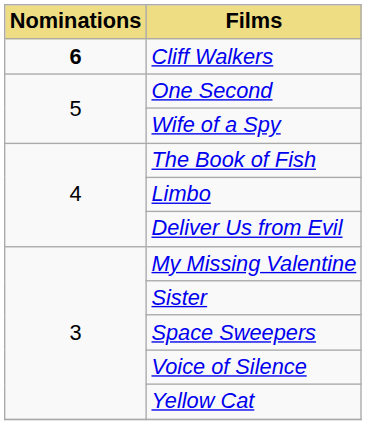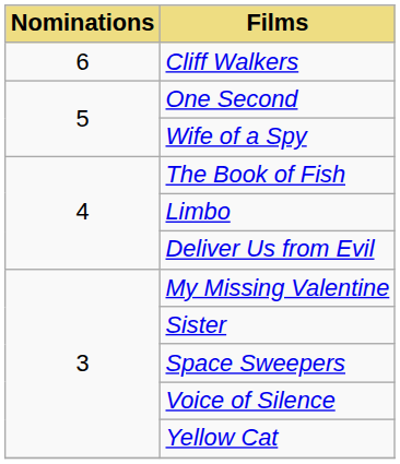 <table class="wikitable" align="center">
 <tr>
 <th style="background:#EEDD82;" align="center">Nominations</th>
 <th style="background:#EEDD82;" align="center">Films</th>
 </tr>
 <tr>
-<td style="text-align:center"><strong>6</strong></td>
+<td style="text-align:center">6</td>
 <td><em><a href='#'>Cliff Walkers</a></em></td>
 </tr>
 <tr>
 <td rowspan="2" style="text-align:center">5</td>
 <td><em><a href='#'>One Second</a></em></td>
 </tr>
 <tr>
 <td><em><a href='#'>Wife of a Spy</a></em></td>
 </tr>
 <tr>
 <td rowspan="3" style="text-align:center">4</td>
 <td><em><a href='#'>The Book of Fish</a></em></td>
 </tr>
 <tr>
 <td><em><a href='#'>Limbo</a></em></td>
 </tr>
 <tr>
 <td><em><a href='#'>Deliver Us from Evil</a></em></td>
 </tr>
 <tr>
 <td rowspan="5" style="text-align:center">3</td>
 <td><em><a href='#'>My Missing Valentine</a></em></td>
 </tr>
 <tr>
 <td><em><a href='#'>Sister</a></em></td>
 </tr>
 <tr>
 <td><em><a href='#'>Space Sweepers</a></em></td>
 </tr>
 <tr>
 <td><em><a href='#'>Voice of Silence</a></em></td>
 </tr>
 <tr>
 <td><em><a href='#'>Yellow Cat</a></em></td>
 </tr>
 <tr>
 </tr>
 </table>
